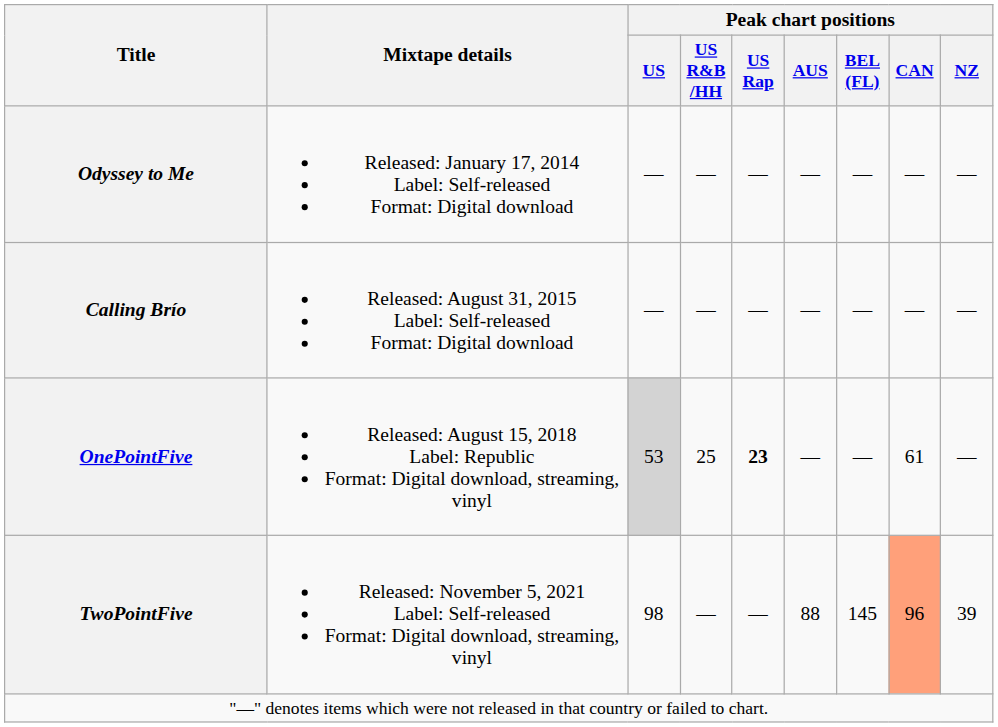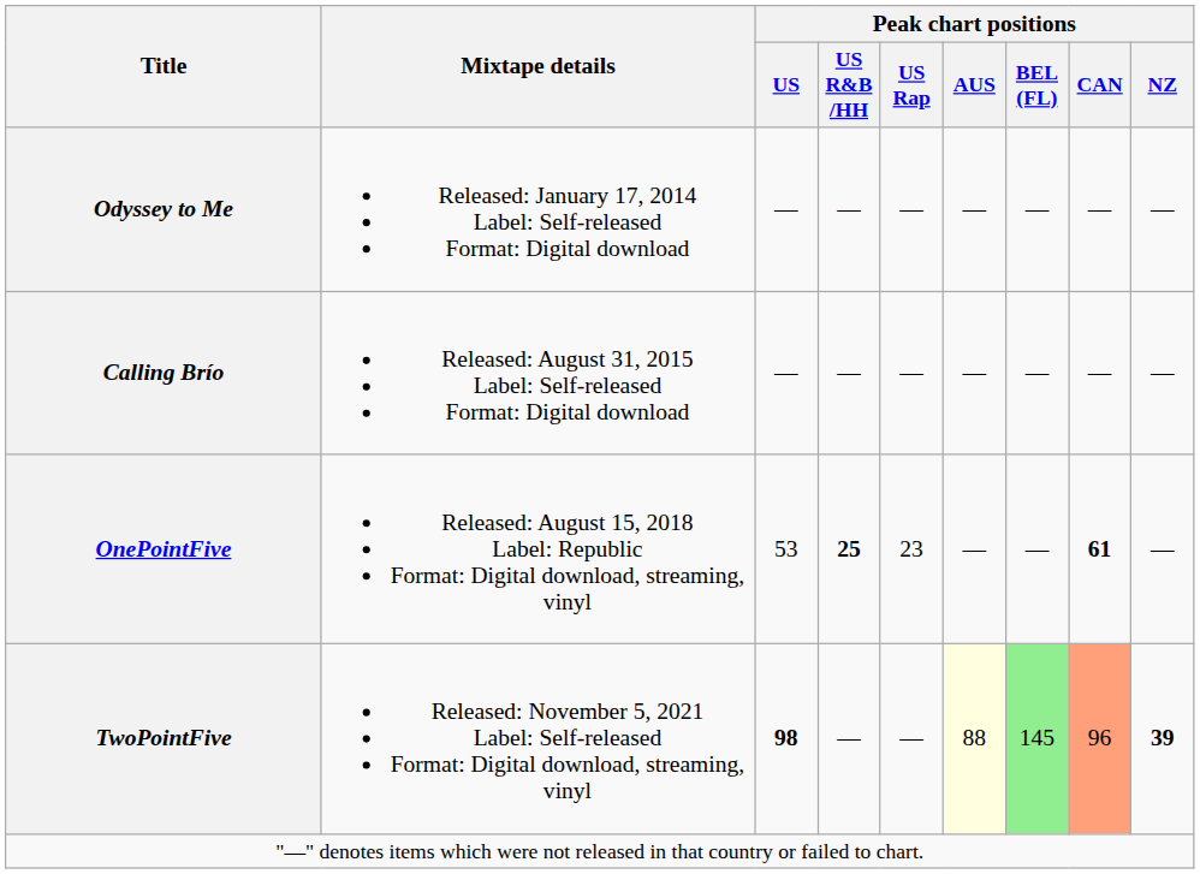 <table class="wikitable plainrowheaders" style="text-align:center;">
 <tr>
 <th scope="col" rowspan="2" style="width:13em;">Title</th>
 <th scope="col" rowspan="2" style="width:18em;">Mixtape details</th>
 <th scope="col" colspan="7">Peak chart positions</th>
 </tr>
 <tr>
 <th scope="col" style="width:2.5em;font-size:90%;"><a href='#'>US</a><br></th>
 <th scope="col" style="width:2.5em;font-size:90%;"><a href='#'>US<br>R&B<br>/HH</a><br></th>
 <th scope="col" style="width:2.5em;font-size:90%;"><a href='#'>US<br>Rap</a><br></th>
 <th scope="col" style="width:2.5em;font-size:90%;"><a href='#'>AUS</a><br></th>
 <th scope="col" style="width:2.5em;font-size:90%;"><a href='#'>BEL<br>(FL)</a><br></th>
 <th scope="col" style="width:2.5em;font-size:90%;"><a href='#'>CAN</a><br></th>
 <th scope="col" style="width:2.5em;font-size:90%;"><a href='#'>NZ</a><br></th>
 </tr>
 <tr>
 <th scope="row"><em>Odyssey to Me</em></th>
 <td><br><ul><li>Released: January 17, 2014</li><li>Label: Self-released</li><li>Format: Digital download</li></ul></td>
 <td>—</td>
 <td>—</td>
 <td>—</td>
 <td>—</td>
 <td>—</td>
 <td>—</td>
 <td>—</td>
 </tr>
 <tr>
 <th scope="row"><em>Calling Brío</em></th>
 <td><br><ul><li>Released: August 31, 2015</li><li>Label: Self-released</li><li>Format: Digital download</li></ul></td>
 <td>—</td>
 <td>—</td>
 <td>—</td>
 <td>—</td>
 <td>—</td>
 <td>—</td>
 <td>—</td>
 </tr>
 <tr>
 <th scope="row"><em><a href='#'>OnePointFive</a></em></th>
 <td><br><ul><li>Released: August 15, 2018</li><li>Label: Republic</li><li>Format: Digital download, streaming, vinyl</li></ul></td>
-<td style="background: lightgrey;">53</td>
-<td>25</td>
-<td><strong>23</strong></td>
+<td>53</td>
+<td><strong>25</strong></td>
+<td>23</td>
 <td>—</td>
 <td>—</td>
-<td>61</td>
+<td><strong>61</strong></td>
 <td>—</td>
 </tr>
 <tr>
 <th scope="row"><em>TwoPointFive</em></th>
 <td><br><ul><li>Released: November 5, 2021</li><li>Label: Self-released</li><li>Format: Digital download, streaming, vinyl</li></ul></td>
-<td>98</td>
+<td><strong>98</strong></td>
 <td>—</td>
 <td>—</td>
-<td>88</td>
-<td>145</td>
+<td style="background: lightyellow;">88</td>
+<td style="background: lightgreen;">145</td>
 <td style="background: lightsalmon;">96</td>
-<td>39</td>
+<td><strong>39</strong></td>
 </tr>
 <tr>
 <td colspan="14" style="font-size:90%;">"—" denotes items which were not released in that country or failed to chart.</td>
 </tr>
 </table>
